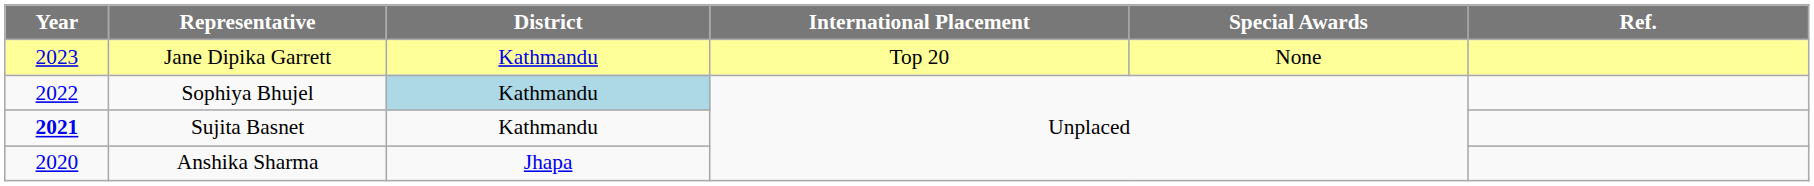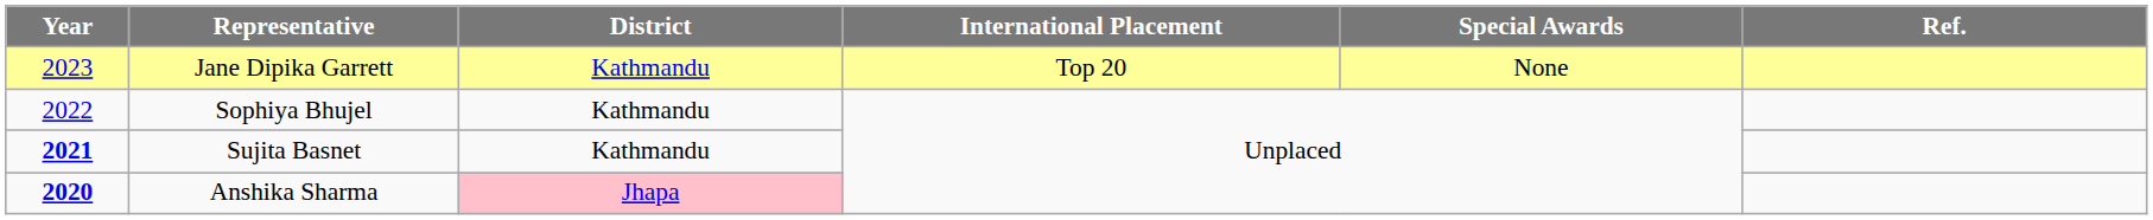 <table class="wikitable sortable" style="font-size: 85%; text-align:center">
 <tr>
 <th width="60" style="background-color:#787878;color:#FFFFFF;">Year</th>
 <th width="170" style="background-color:#787878;color:#FFFFFF;">Representative</th>
 <th width="200" style="background-color:#787878;color:#FFFFFF;">District</th>
 <th width="260" style="background-color:#787878;color:#FFFFFF;">International Placement</th>
 <th width="210" style="background-color:#787878;color:#FFFFFF;">Special Awards</th>
 <th width="210" style="background-color:#787878;color:#FFFFFF;">Ref.</th>
 </tr>
 <tr style="background-color:#FFFF99;:bold">
 <td><a href='#'>2023</a></td>
 <td>Jane Dipika Garrett</td>
 <td><a href='#'>Kathmandu</a></td>
 <td>Top 20</td>
 <td>None</td>
 <td></td>
 </tr>
 <tr>
 <td><a href='#'>2022</a></td>
 <td>Sophiya Bhujel</td>
-<td style="background: lightblue;">Kathmandu</td>
+<td>Kathmandu</td>
 <td colspan="2" rowspan="3">Unplaced</td>
 <td></td>
 </tr>
 <tr>
 <td><strong><a href='#'>2021</a></strong></td>
 <td>Sujita Basnet</td>
 <td>Kathmandu</td>
 <td></td>
 </tr>
 <tr>
-<td><a href='#'>2020</a></td>
+<td><strong><a href='#'>2020</a></strong></td>
 <td>Anshika Sharma</td>
-<td><a href='#'>Jhapa</a></td>
+<td style="background: pink;"><a href='#'>Jhapa</a></td>
 <td></td>
 </tr>
 </table>
